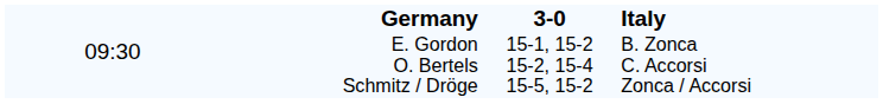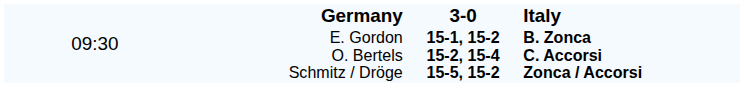 <table style="width: 100%; background:#F5FAFF;" cellspacing="0">
 <tr>
 <td align=center rowspan=3 width=20%>09:30</td>
 </tr>
 <tr>
 <td width=24% align=right><strong>Germany</strong></td>
 <td align=center width=13%><strong>3-0</strong></td>
 <td width=24%><strong>Italy</strong></td>
 </tr>
 <tr style=font-size:85%>
 <td align=right valign=top>E. Gordon<br>O. Bertels<br>Schmitz / Dröge</td>
-<td align=center>15-1, 15-2<br>15-2, 15-4<br>15-5, 15-2</td>
-<td valign=top>B. Zonca<br>C. Accorsi<br>Zonca / Accorsi</td>
+<td align=center><strong>15-1, 15-2<br>15-2, 15-4<br>15-5, 15-2</strong></td>
+<td valign=top><strong>B. Zonca<br>C. Accorsi<br>Zonca / Accorsi</strong></td>
 </tr>
 </table>
